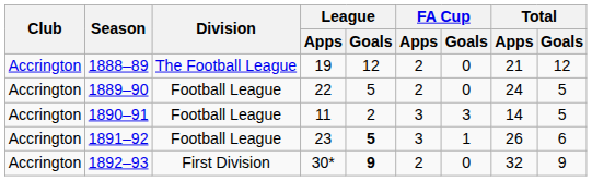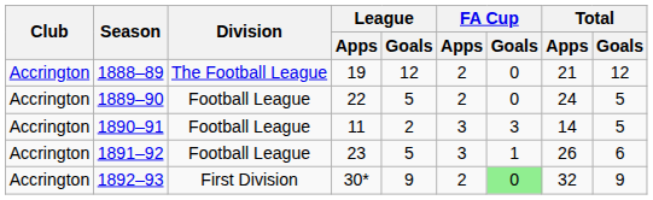 <table class="wikitable" style="text-align:center;">
 <tr>
 <th rowspan="2">Club</th>
 <th rowspan="2">Season</th>
 <th rowspan="2">Division</th>
 <th colspan="2">League</th>
 <th colspan="2"><a href='#'>FA Cup</a></th>
 <th colspan="2">Total</th>
 </tr>
 <tr>
 <th>Apps</th>
 <th>Goals</th>
 <th>Apps</th>
 <th>Goals</th>
 <th>Apps</th>
 <th>Goals</th>
 </tr>
 <tr>
 <td><a href='#'>Accrington</a></td>
 <td><a href='#'>1888–89</a></td>
 <td><a href='#'>The Football League</a></td>
 <td>19</td>
 <td>12</td>
 <td>2</td>
 <td>0</td>
 <td>21</td>
 <td>12</td>
 </tr>
 <tr>
 <td>Accrington</td>
 <td><a href='#'>1889–90</a></td>
 <td>Football League</td>
 <td>22</td>
 <td>5</td>
 <td>2</td>
 <td>0</td>
 <td>24</td>
 <td>5</td>
 </tr>
 <tr>
 <td>Accrington</td>
 <td><a href='#'>1890–91</a></td>
 <td>Football League</td>
 <td>11</td>
 <td>2</td>
 <td>3</td>
 <td>3</td>
 <td>14</td>
 <td>5</td>
 </tr>
 <tr>
 <td>Accrington</td>
 <td><a href='#'>1891–92</a></td>
 <td>Football League</td>
 <td>23</td>
-<td><strong>5</strong></td>
+<td>5</td>
 <td>3</td>
 <td>1</td>
 <td>26</td>
 <td>6</td>
 </tr>
 <tr>
 <td>Accrington</td>
 <td><a href='#'>1892–93</a></td>
 <td>First Division</td>
 <td>30*</td>
-<td><strong>9</strong></td>
+<td>9</td>
 <td>2</td>
-<td>0</td>
+<td style="background: lightgreen;">0</td>
 <td>32</td>
 <td>9</td>
 </tr>
 </table>
